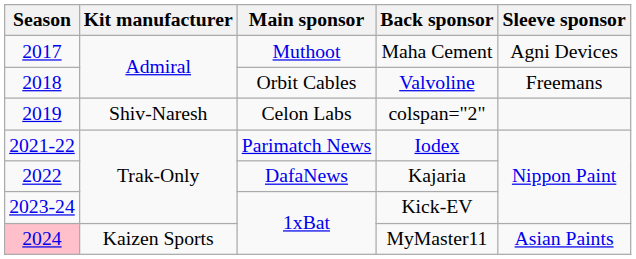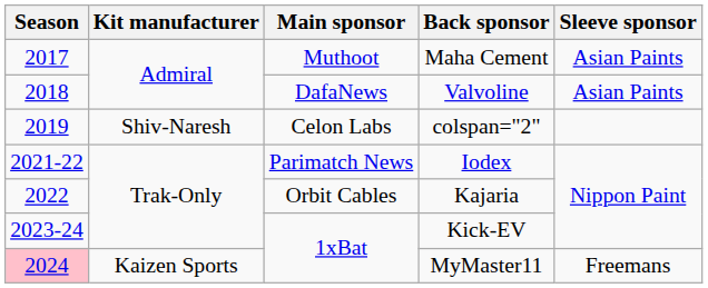 <table class="wikitable" style="text-align: center;">
 <tr>
 <th>Season</th>
 <th>Kit manufacturer</th>
 <th>Main sponsor</th>
 <th>Back sponsor</th>
 <th>Sleeve sponsor</th>
 </tr>
 <tr>
 <td><a href='#'>2017</a></td>
 <td rowspan="2"><a href='#'>Admiral</a></td>
 <td><a href='#'>Muthoot</a></td>
 <td>Maha Cement</td>
-<td>Agni Devices</td>
+<td><a href='#'>Asian Paints</a></td>
 </tr>
 <tr>
 <td><a href='#'>2018</a></td>
-<td>Orbit Cables</td>
+<td><a href='#'>DafaNews</a></td>
 <td><a href='#'>Valvoline</a></td>
-<td>Freemans</td>
+<td><a href='#'>Asian Paints</a></td>
 </tr>
 <tr>
 <td><a href='#'>2019</a></td>
 <td>Shiv-Naresh</td>
 <td>Celon Labs</td>
 <td>colspan="2" </td>
 </tr>
 <tr>
 <td><a href='#'>2021-22</a></td>
 <td rowspan="3">Trak-Only</td>
 <td><a href='#'>Parimatch News</a></td>
 <td><a href='#'>Iodex</a></td>
 <td rowspan="3"><a href='#'>Nippon Paint</a></td>
 </tr>
 <tr>
 <td><a href='#'>2022</a></td>
-<td><a href='#'>DafaNews</a></td>
+<td>Orbit Cables</td>
 <td>Kajaria</td>
 </tr>
 <tr>
 <td><a href='#'>2023-24</a></td>
 <td rowspan="2"><a href='#'>1xBat</a></td>
 <td>Kick-EV</td>
 </tr>
 <tr>
 <td style="background: pink;"><a href='#'>2024</a></td>
 <td>Kaizen Sports</td>
 <td>MyMaster11</td>
-<td><a href='#'>Asian Paints</a></td>
+<td>Freemans</td>
 </tr>
 </table>
